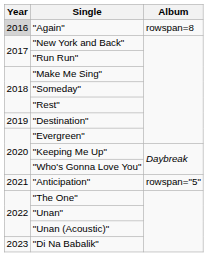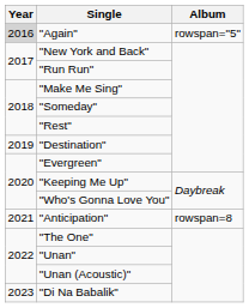 <table class="wikitable">
 <tr>
 <th>Year</th>
 <th>Single</th>
 <th>Album</th>
 </tr>
 <tr>
 <td style="background: lightgrey;">2016</td>
 <td>"Again"</td>
-<td>rowspan=8 </td>
+<td>rowspan="5" </td>
 </tr>
 <tr>
 <td rowspan=2>2017</td>
 <td>"New York and Back"</td>
 </tr>
 <tr>
 <td>"Run Run"</td>
 </tr>
 <tr>
 <td rowspan=3>2018</td>
 <td>"Make Me Sing"</td>
 </tr>
 <tr>
 <td>"Someday"</td>
 </tr>
 <tr>
 <td>"Rest"</td>
 </tr>
 <tr>
 <td>2019</td>
 <td>"Destination" </td>
 </tr>
 <tr>
 <td rowspan=3>2020</td>
 <td>"Evergreen"</td>
 </tr>
 <tr>
 <td>"Keeping Me Up"</td>
 <td rowspan=2><em>Daybreak</em></td>
 </tr>
 <tr>
 <td>"Who's Gonna Love You"</td>
 </tr>
 <tr>
 <td>2021</td>
 <td>"Anticipation"</td>
-<td>rowspan="5" </td>
+<td>rowspan=8 </td>
 </tr>
 <tr>
 <td rowspan="3">2022</td>
 <td>"The One"</td>
 </tr>
 <tr>
 <td>"Unan"</td>
 </tr>
 <tr>
 <td>"Unan (Acoustic)"</td>
 </tr>
 <tr>
 <td>2023</td>
 <td>"Di Na Babalik"</td>
 </tr>
 </table>
